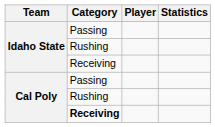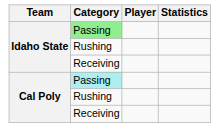 <table class="wikitable" style="float:right">
 <tr>
 <th>Team</th>
 <th>Category</th>
 <th>Player</th>
 <th>Statistics</th>
 </tr>
 <tr>
 <th rowspan=3>Idaho State</th>
-<td>Passing</td>
+<td style="background: lightgreen;">Passing</td>
 <td></td>
 <td></td>
 </tr>
 <tr>
 <td>Rushing</td>
 <td></td>
 <td></td>
 </tr>
 <tr>
 <td>Receiving</td>
 <td></td>
 <td></td>
 </tr>
 <tr>
 <th rowspan=3>Cal Poly</th>
-<td>Passing</td>
+<td style="background: paleturquoise;">Passing</td>
 <td></td>
 <td></td>
 </tr>
 <tr>
 <td>Rushing</td>
 <td></td>
 <td></td>
 </tr>
 <tr>
-<td><strong>Receiving</strong></td>
+<td>Receiving</td>
 <td></td>
 <td></td>
 </tr>
 </table>
